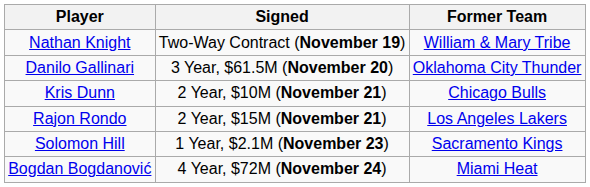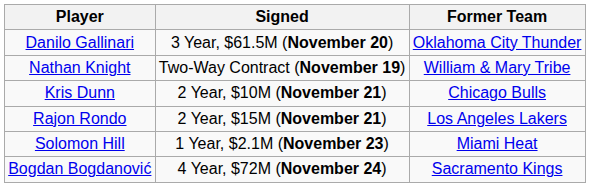 <table class="wikitable sortable sortable" style="text-align: center">
 <tr>
 <th>Player</th>
 <th>Signed</th>
 <th>Former Team</th>
 </tr>
 <tr style="text-align: center">
+<td><a href='#'>Danilo Gallinari</a></td>
+<td>3 Year, $61.5M (<strong>November 20</strong>)</td>
+<td><a href='#'>Oklahoma City Thunder</a></td>
+</tr>
+<tr style="text-align: center">
 <td><a href='#'>Nathan Knight</a></td>
 <td>Two-Way Contract (<strong>November 19</strong>)</td>
 <td><a href='#'>William & Mary Tribe</a></td>
-</tr>
-<tr style="text-align: center">
-<td><a href='#'>Danilo Gallinari</a></td>
-<td>3 Year, $61.5M (<strong>November 20</strong>)</td>
-<td><a href='#'>Oklahoma City Thunder</a></td>
 </tr>
 <tr style="text-align: center">
 <td><a href='#'>Kris Dunn</a></td>
 <td>2 Year, $10M (<strong>November 21</strong>)</td>
 <td><a href='#'>Chicago Bulls</a></td>
 </tr>
 <tr style="text-align: center">
 <td><a href='#'>Rajon Rondo</a></td>
 <td>2 Year, $15M (<strong>November 21</strong>)</td>
 <td><a href='#'>Los Angeles Lakers</a></td>
 </tr>
 <tr style="text-align: center">
 <td><a href='#'>Solomon Hill</a></td>
 <td>1 Year, $2.1M (<strong>November 23</strong>)</td>
-<td><a href='#'>Sacramento Kings</a></td>
+<td><a href='#'>Miami Heat</a></td>
 </tr>
 <tr style="text-align: center">
 <td><a href='#'>Bogdan Bogdanović</a></td>
 <td>4 Year, $72M (<strong>November 24</strong>)</td>
-<td><a href='#'>Miami Heat</a></td>
+<td><a href='#'>Sacramento Kings</a></td>
 </tr>
 </table>
